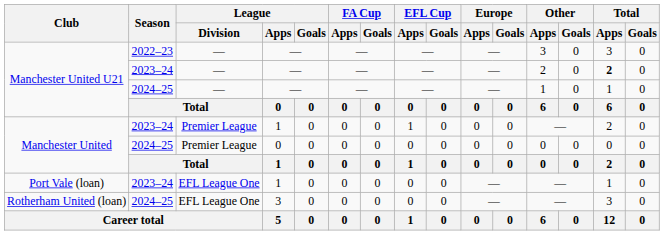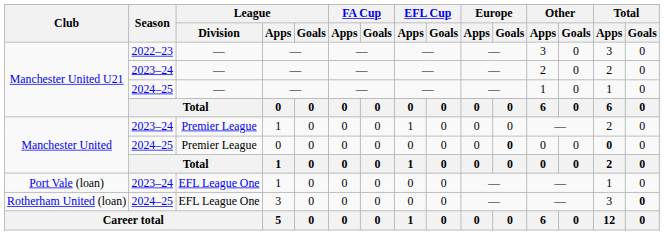 <table class=wikitable style=text-align:center>
 <tr>
 <th rowspan=2>Club</th>
 <th rowspan=2>Season</th>
 <th colspan=3>League</th>
 <th colspan=2><a href='#'>FA Cup</a></th>
 <th colspan=2><a href='#'>EFL Cup</a></th>
 <th colspan=2>Europe</th>
 <th colspan=2>Other</th>
 <th colspan=2>Total</th>
 </tr>
 <tr>
 <th>Division</th>
 <th>Apps</th>
 <th>Goals</th>
 <th>Apps</th>
 <th>Goals</th>
 <th>Apps</th>
 <th>Goals</th>
 <th>Apps</th>
 <th>Goals</th>
 <th>Apps</th>
 <th>Goals</th>
 <th>Apps</th>
 <th>Goals</th>
 </tr>
 <tr>
 <td rowspan=4><a href='#'>Manchester United U21</a></td>
 <td><a href='#'>2022–23</a></td>
 <td>—</td>
 <td colspan=2>—</td>
 <td colspan=2>—</td>
 <td colspan=2>—</td>
 <td colspan=2>—</td>
 <td>3</td>
 <td>0</td>
 <td>3</td>
 <td>0</td>
 </tr>
 <tr>
 <td><a href='#'>2023–24</a></td>
 <td>—</td>
 <td colspan=2>—</td>
 <td colspan=2>—</td>
 <td colspan=2>—</td>
 <td colspan=2>—</td>
 <td>2</td>
 <td>0</td>
-<td><strong>2</strong></td>
+<td>2</td>
 <td>0</td>
 </tr>
 <tr>
 <td><a href='#'>2024–25</a></td>
 <td>—</td>
 <td colspan=2>—</td>
 <td colspan=2>—</td>
 <td colspan=2>—</td>
 <td colspan=2>—</td>
 <td>1</td>
 <td>0</td>
 <td>1</td>
 <td>0</td>
 </tr>
 <tr>
 <th colspan="2">Total</th>
 <th>0</th>
 <th>0</th>
 <th>0</th>
 <th>0</th>
 <th>0</th>
 <th>0</th>
 <th>0</th>
 <th>0</th>
 <th>6</th>
 <th>0</th>
 <th>6</th>
 <th>0</th>
 </tr>
 <tr>
 <td rowspan=3><a href='#'>Manchester United</a></td>
 <td><a href='#'>2023–24</a></td>
 <td><a href='#'>Premier League</a></td>
 <td>1</td>
 <td>0</td>
 <td>0</td>
 <td>0</td>
 <td>1</td>
 <td>0</td>
 <td>0</td>
 <td>0</td>
 <td colspan="2">—</td>
 <td>2</td>
 <td>0</td>
 </tr>
 <tr>
 <td><a href='#'>2024–25</a></td>
 <td>Premier League</td>
 <td>0</td>
 <td>0</td>
 <td>0</td>
 <td>0</td>
 <td>0</td>
 <td>0</td>
 <td>0</td>
+<td><strong>0</strong></td>
 <td>0</td>
 <td>0</td>
-<td>0</td>
-<td>0</td>
+<td><strong>0</strong></td>
 <td>0</td>
 </tr>
 <tr>
 <th colspan="2">Total</th>
 <th>1</th>
 <th>0</th>
 <th>0</th>
 <th>0</th>
 <th>1</th>
 <th>0</th>
 <th>0</th>
 <th>0</th>
 <th>0</th>
 <th>0</th>
 <th>2</th>
 <th>0</th>
 </tr>
 <tr>
 <td><a href='#'>Port Vale</a> (loan)</td>
 <td><a href='#'>2023–24</a></td>
 <td><a href='#'>EFL League One</a></td>
 <td>1</td>
 <td>0</td>
 <td>0</td>
 <td>0</td>
 <td>0</td>
 <td>0</td>
 <td colspan="2">—</td>
 <td colspan="2">—</td>
 <td>1</td>
 <td>0</td>
 </tr>
 <tr>
 <td><a href='#'>Rotherham United</a> (loan)</td>
 <td><a href='#'>2024–25</a></td>
 <td>EFL League One</td>
 <td>3</td>
 <td>0</td>
 <td>0</td>
 <td>0</td>
 <td>0</td>
 <td>0</td>
 <td colspan="2">—</td>
 <td colspan="2">—</td>
 <td>3</td>
-<td>0</td>
+<td><strong>0</strong></td>
 </tr>
 <tr>
 <th colspan=3>Career total</th>
 <th>5</th>
 <th>0</th>
 <th>0</th>
 <th>0</th>
 <th>1</th>
 <th>0</th>
 <th>0</th>
 <th>0</th>
 <th>6</th>
 <th>0</th>
 <th>12</th>
 <th>0</th>
 </tr>
 </table>
